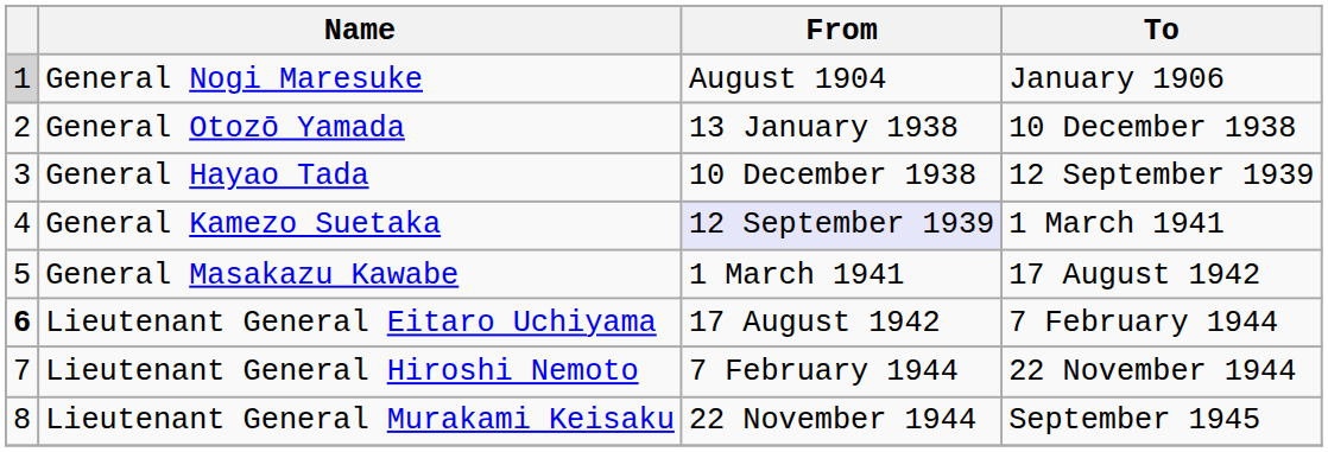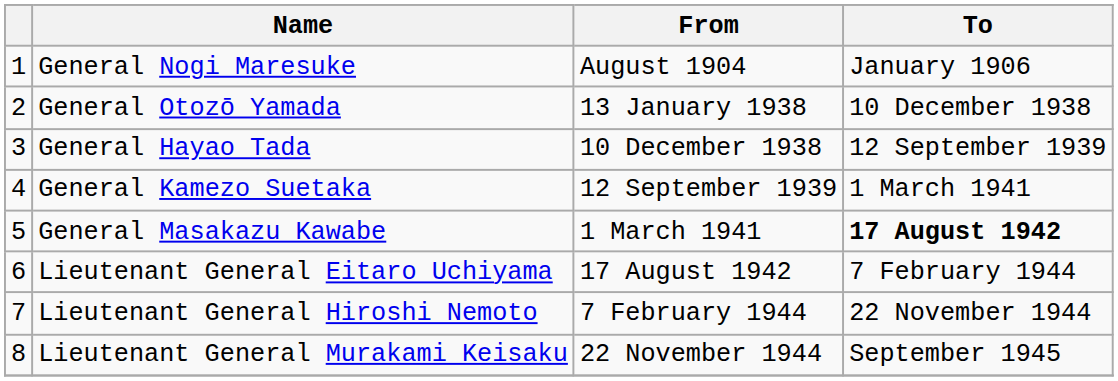 <table class=wikitable>
 <tr>
 <th></th>
 <th>Name</th>
 <th>From</th>
 <th>To</th>
 </tr>
 <tr>
-<td style="background: lightgrey;">1</td>
+<td>1</td>
 <td>General <a href='#'>Nogi Maresuke</a></td>
 <td>August 1904</td>
 <td>January 1906</td>
 </tr>
 <tr>
 <td>2</td>
 <td>General <a href='#'>Otozō Yamada</a></td>
 <td>13 January 1938</td>
 <td>10 December 1938</td>
 </tr>
 <tr>
 <td>3</td>
 <td>General <a href='#'>Hayao Tada</a></td>
 <td>10 December 1938</td>
 <td>12 September 1939</td>
 </tr>
 <tr>
 <td>4</td>
 <td>General <a href='#'>Kamezo Suetaka</a></td>
-<td style="background: lavender;">12 September 1939</td>
+<td>12 September 1939</td>
 <td>1 March 1941</td>
 </tr>
 <tr>
 <td>5</td>
 <td>General <a href='#'>Masakazu Kawabe</a></td>
 <td>1 March 1941</td>
-<td>17 August 1942</td>
+<td><strong>17 August 1942</strong></td>
 </tr>
 <tr>
-<td><strong>6</strong></td>
+<td>6</td>
 <td>Lieutenant General <a href='#'>Eitaro Uchiyama</a></td>
 <td>17 August 1942</td>
 <td>7 February 1944</td>
 </tr>
 <tr>
 <td>7</td>
 <td>Lieutenant General <a href='#'>Hiroshi Nemoto</a></td>
 <td>7 February 1944</td>
 <td>22 November 1944</td>
 </tr>
 <tr>
 <td>8</td>
 <td>Lieutenant General <a href='#'>Murakami Keisaku</a></td>
 <td>22 November 1944</td>
 <td>September 1945</td>
 </tr>
 <tr>
 </tr>
 </table>
